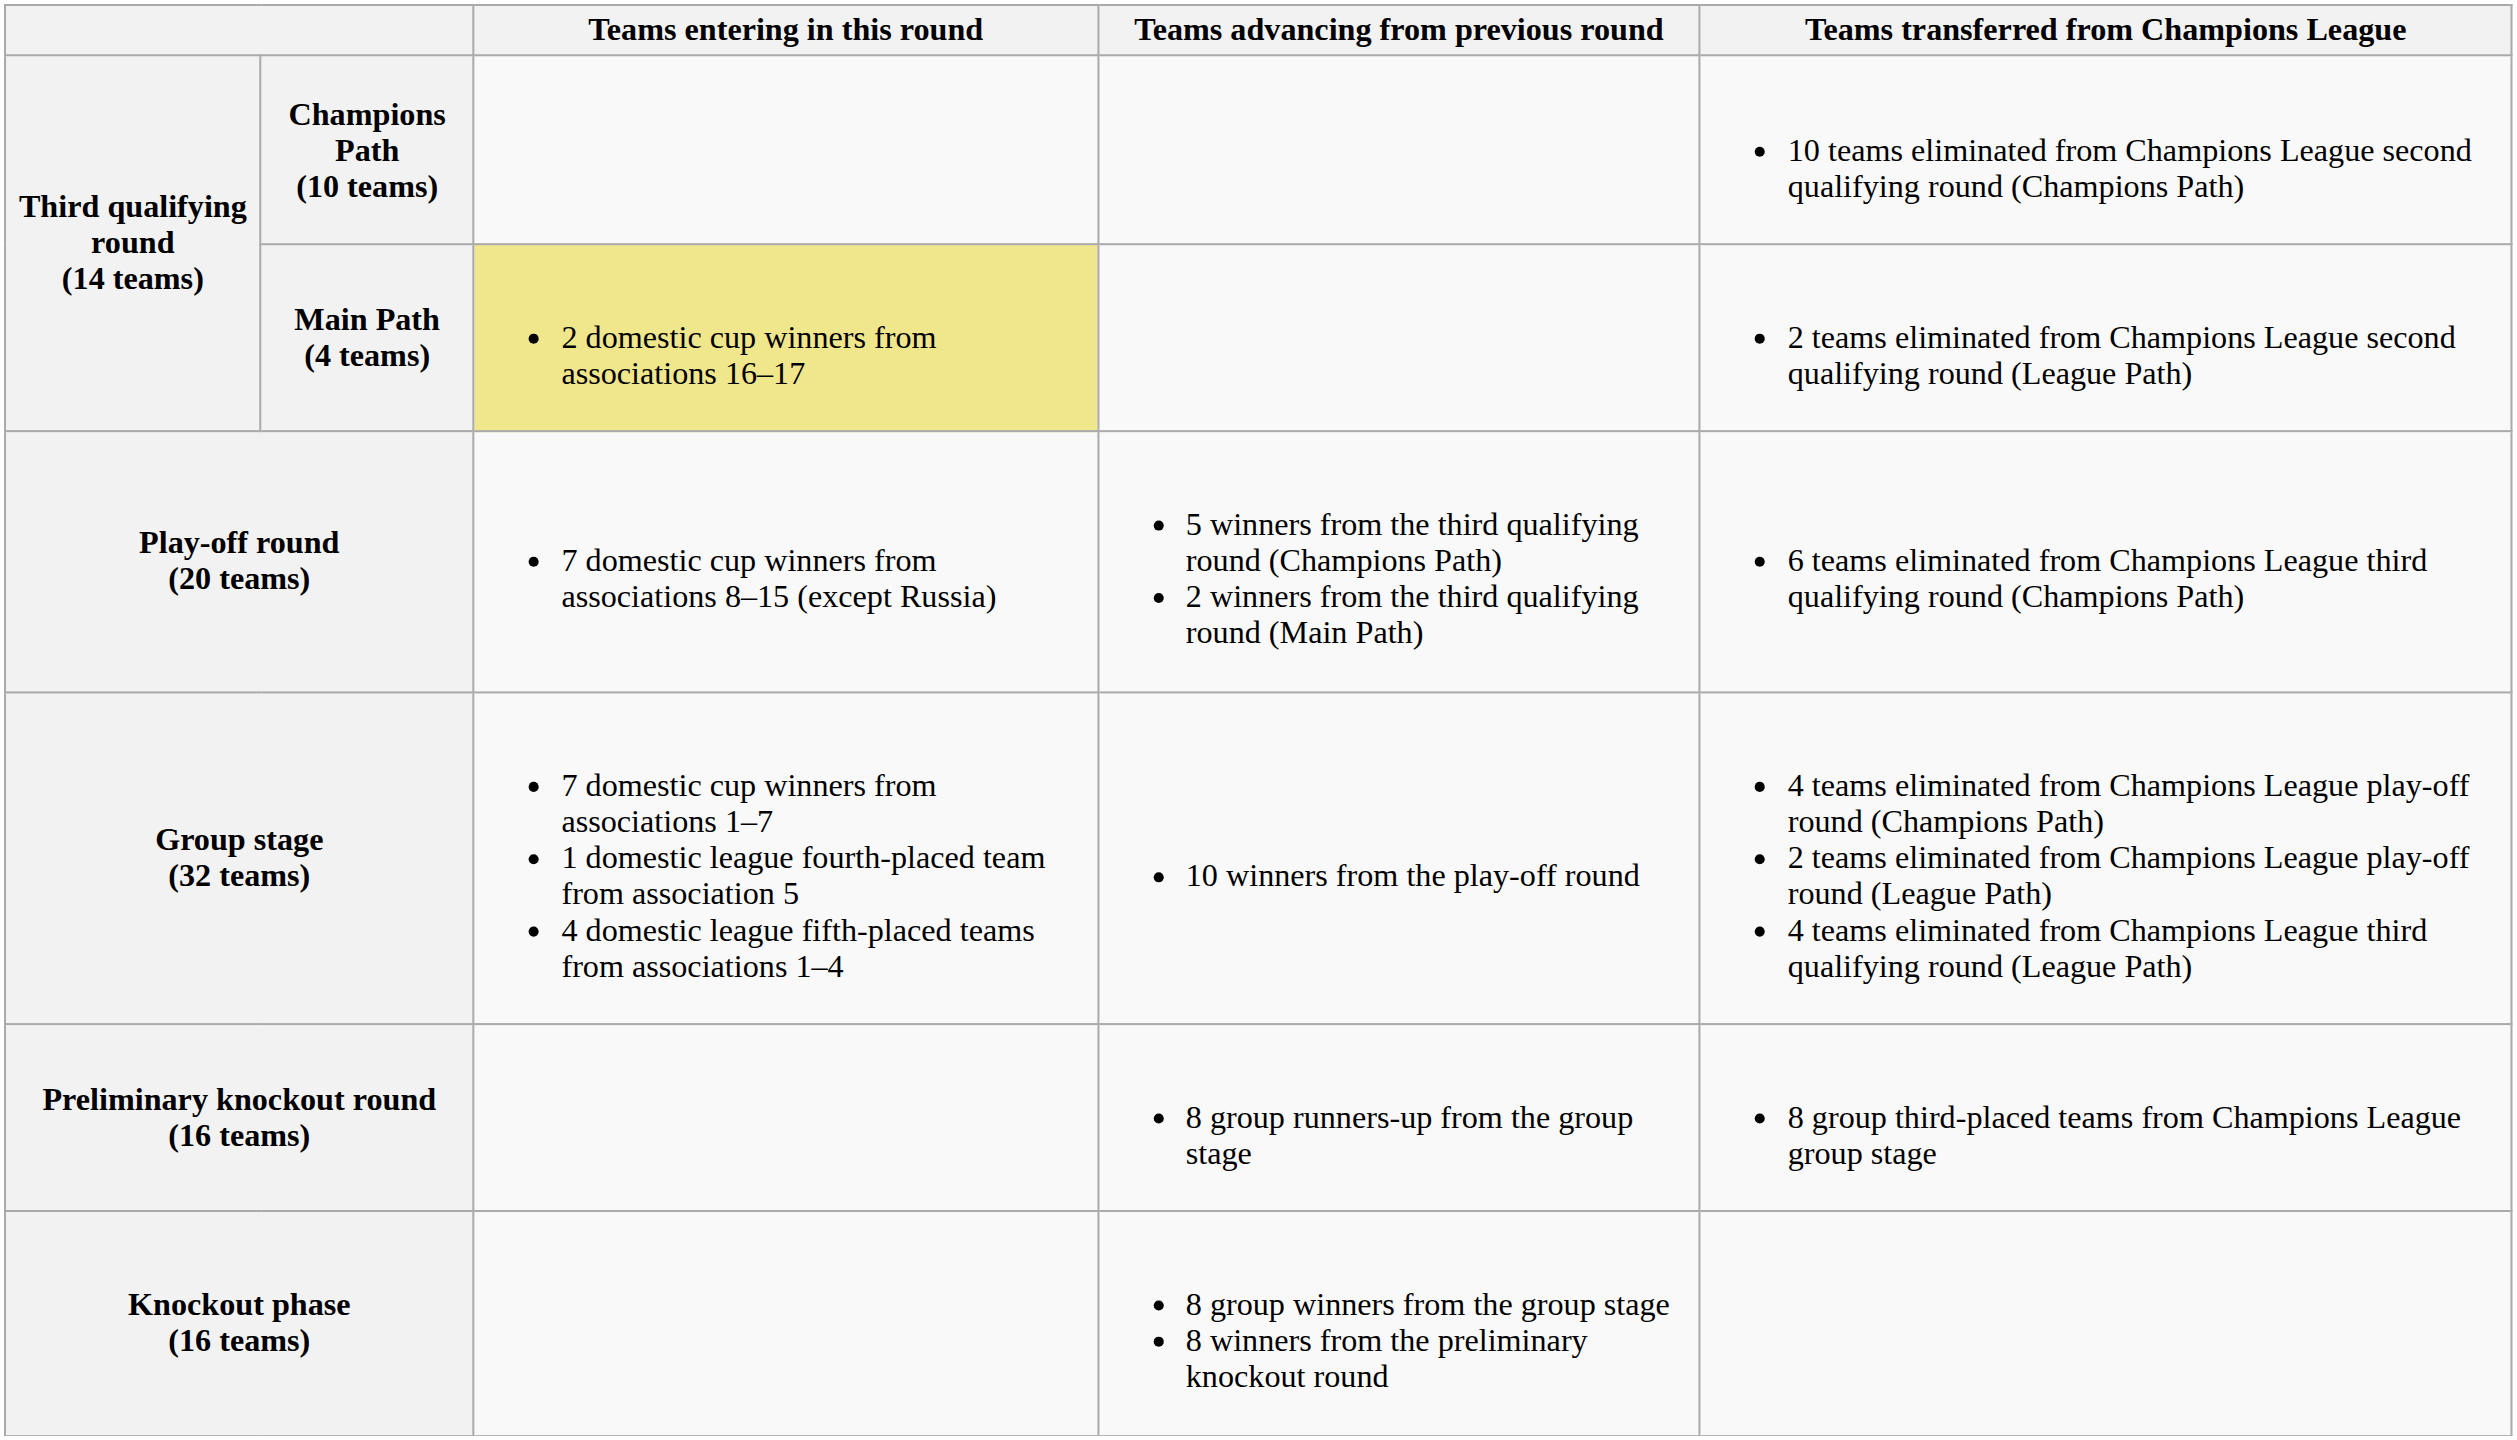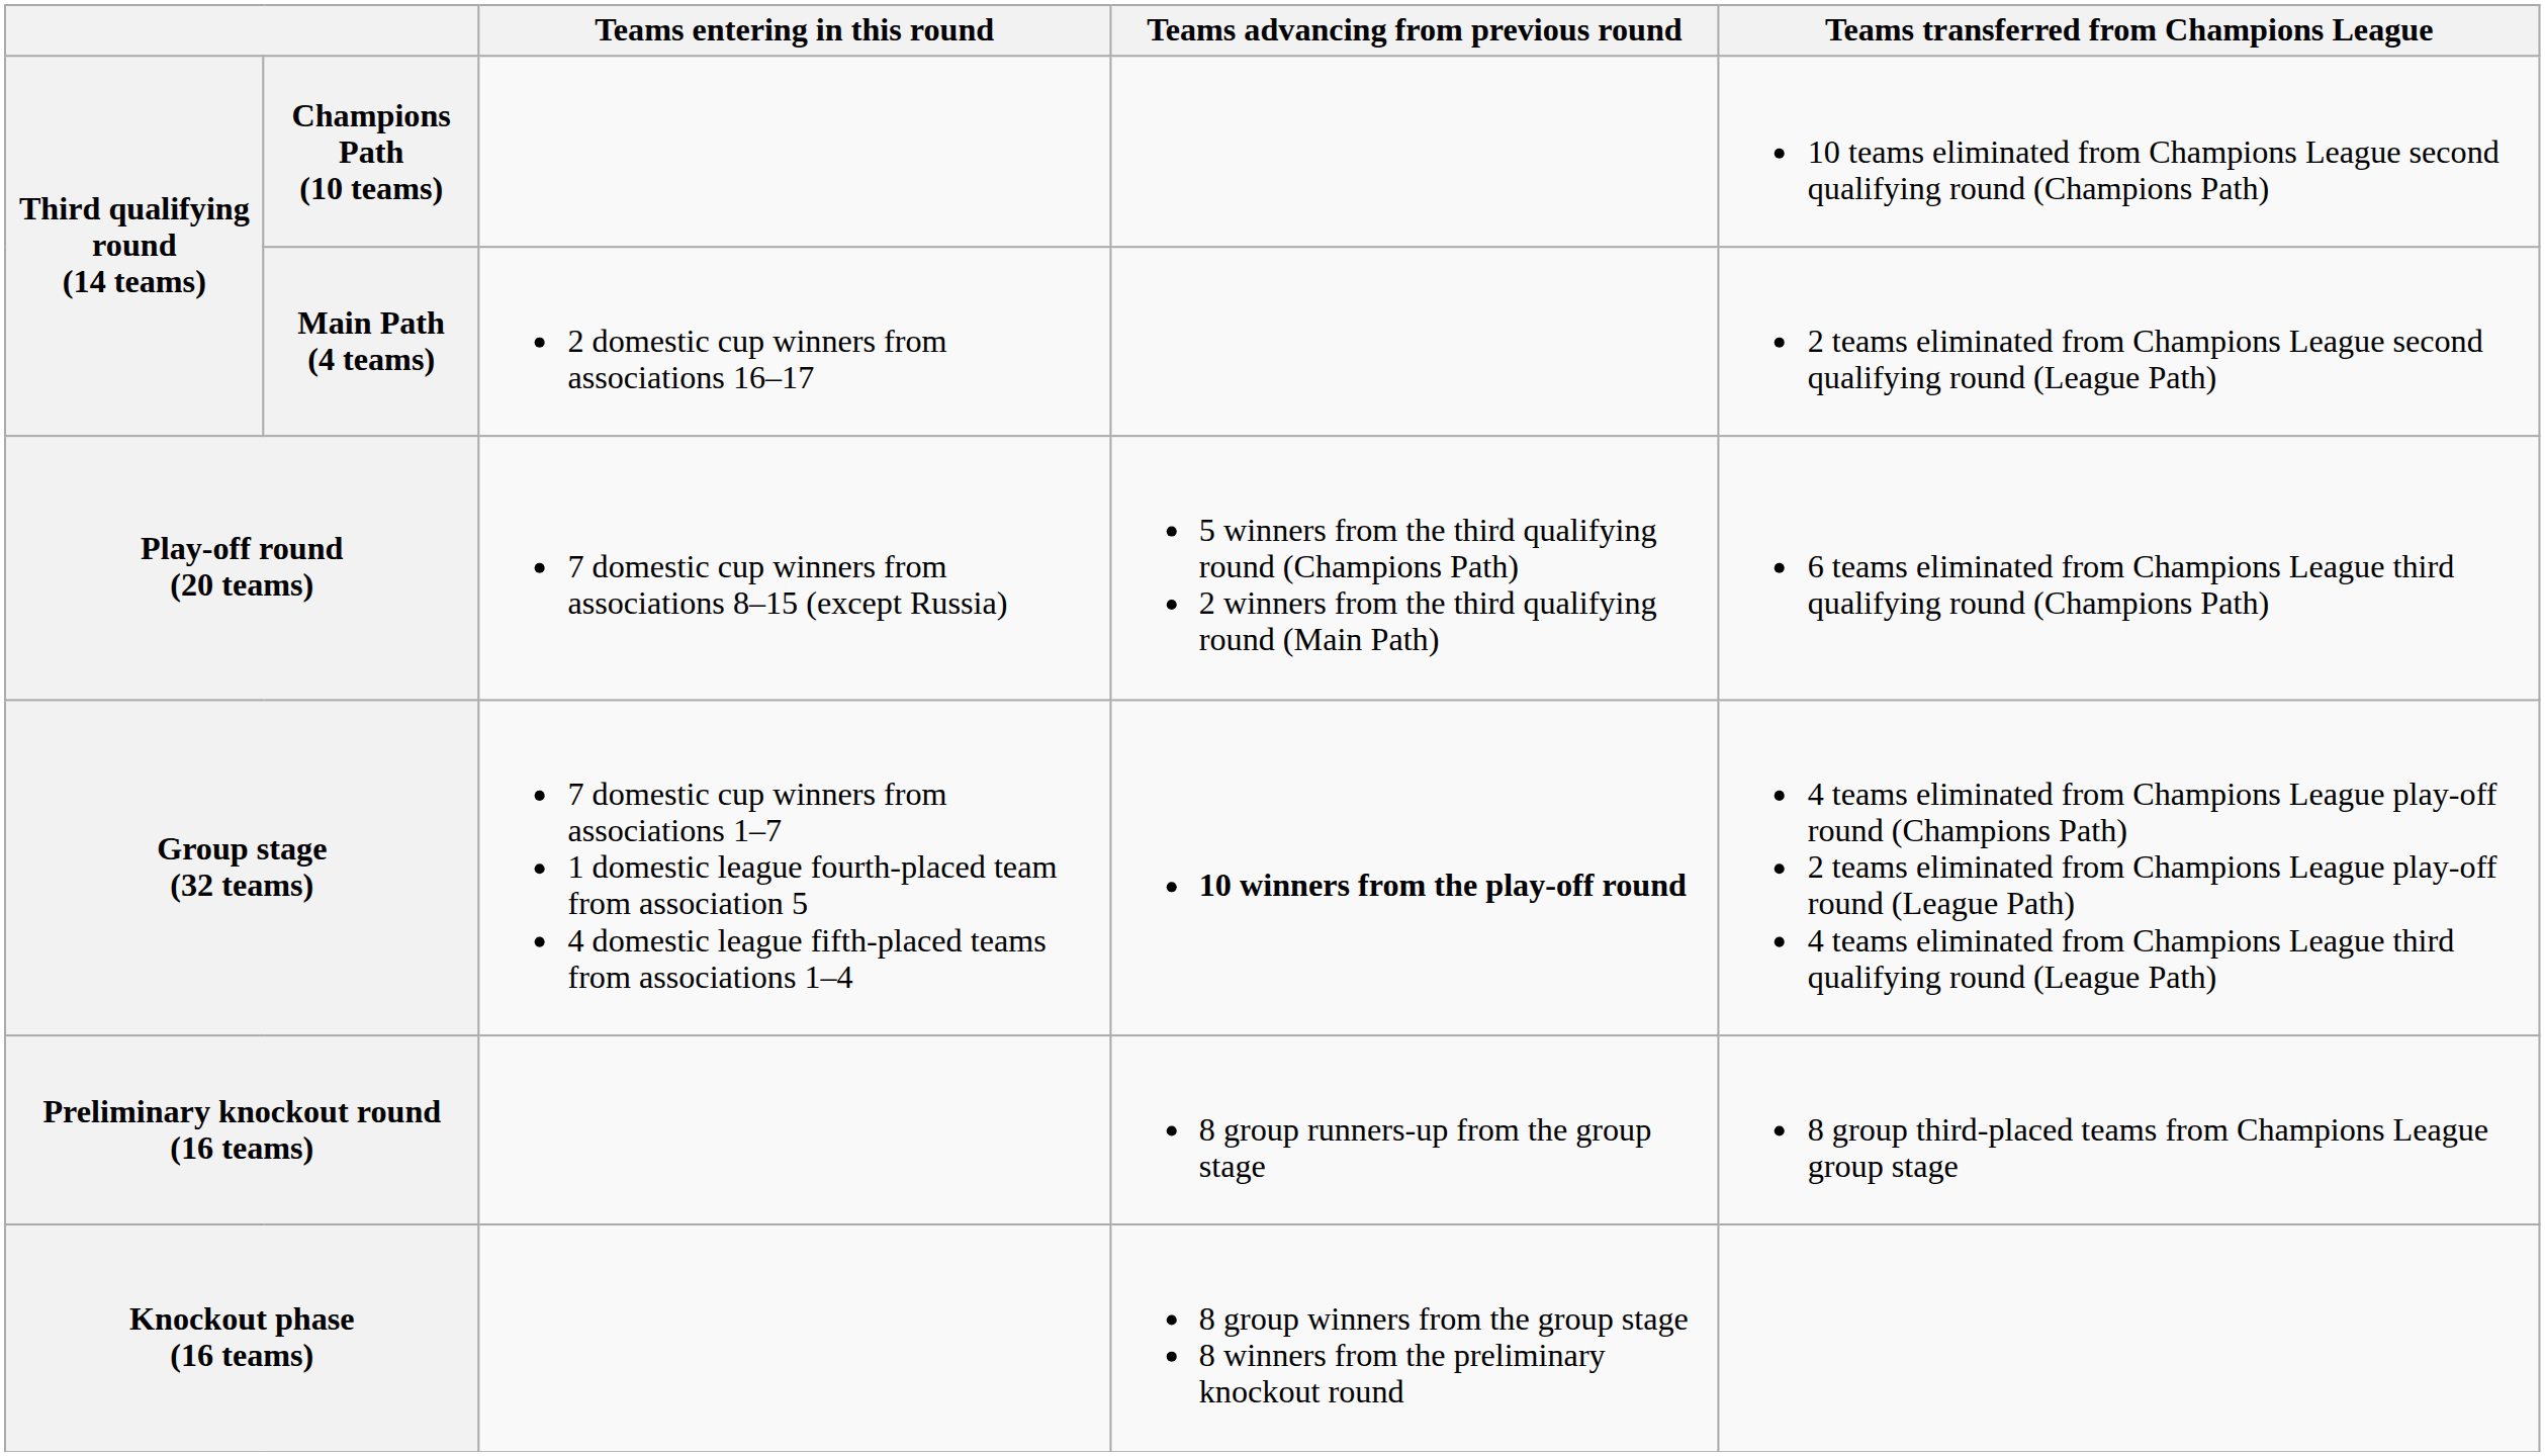 <table class="wikitable">
 <tr>
 <th colspan=2></th>
 <th>Teams entering in this round</th>
 <th>Teams advancing from previous round</th>
 <th>Teams transferred from Champions League</th>
 </tr>
 <tr>
 <th rowspan=2>Third qualifying round<br>(14 teams)</th>
 <th>Champions Path<br>(10 teams)</th>
 <td></td>
 <td></td>
 <td><br><ul><li>10 teams eliminated from Champions League second qualifying round (Champions Path)</li></ul></td>
 </tr>
 <tr>
 <th>Main Path<br>(4 teams)</th>
-<td style="background: khaki;"><br><ul><li>2 domestic cup winners from associations 16–17</li></ul></td>
+<td><br><ul><li>2 domestic cup winners from associations 16–17</li></ul></td>
 <td></td>
 <td><br><ul><li>2 teams eliminated from Champions League second qualifying round (League Path)</li></ul></td>
 </tr>
 <tr>
 <th colspan=2>Play-off round<br>(20 teams)</th>
 <td><br><ul><li>7 domestic cup winners from associations 8–15 (except Russia)</li></ul></td>
 <td><br><ul><li>5 winners from the third qualifying round (Champions Path)</li><li>2 winners from the third qualifying round (Main Path)</li></ul></td>
 <td><br><ul><li>6 teams eliminated from Champions League third qualifying round (Champions Path)</li></ul></td>
 </tr>
 <tr>
 <th colspan=2>Group stage<br>(32 teams)</th>
 <td><br><ul><li>7 domestic cup winners from associations 1–7</li><li>1 domestic league fourth-placed team from association 5</li><li>4 domestic league fifth-placed teams from associations 1–4</li></ul></td>
-<td><br><ul><li>10 winners from the play-off round</li></ul></td>
+<td><strong><br><ul><li>10 winners from the play-off round</li></ul></strong></td>
 <td><br><ul><li>4 teams eliminated from Champions League play-off round (Champions Path)</li><li>2 teams eliminated from Champions League play-off round (League Path)</li><li>4 teams eliminated from Champions League third qualifying round (League Path)</li></ul></td>
 </tr>
 <tr>
 <th colspan=2>Preliminary knockout round<br>(16 teams)</th>
 <td></td>
 <td><br><ul><li>8 group runners-up from the group stage</li></ul></td>
 <td><br><ul><li>8 group third-placed teams from Champions League group stage</li></ul></td>
 </tr>
 <tr>
 <th colspan=2>Knockout phase<br>(16 teams)</th>
 <td></td>
 <td><br><ul><li>8 group winners from the group stage</li><li>8 winners from the preliminary knockout round</li></ul></td>
 <td></td>
 </tr>
 </table>
